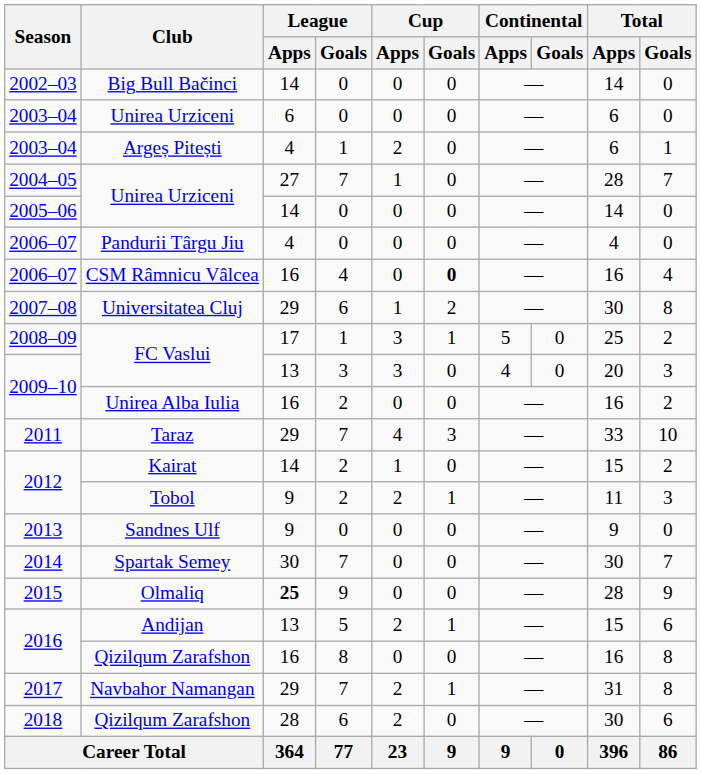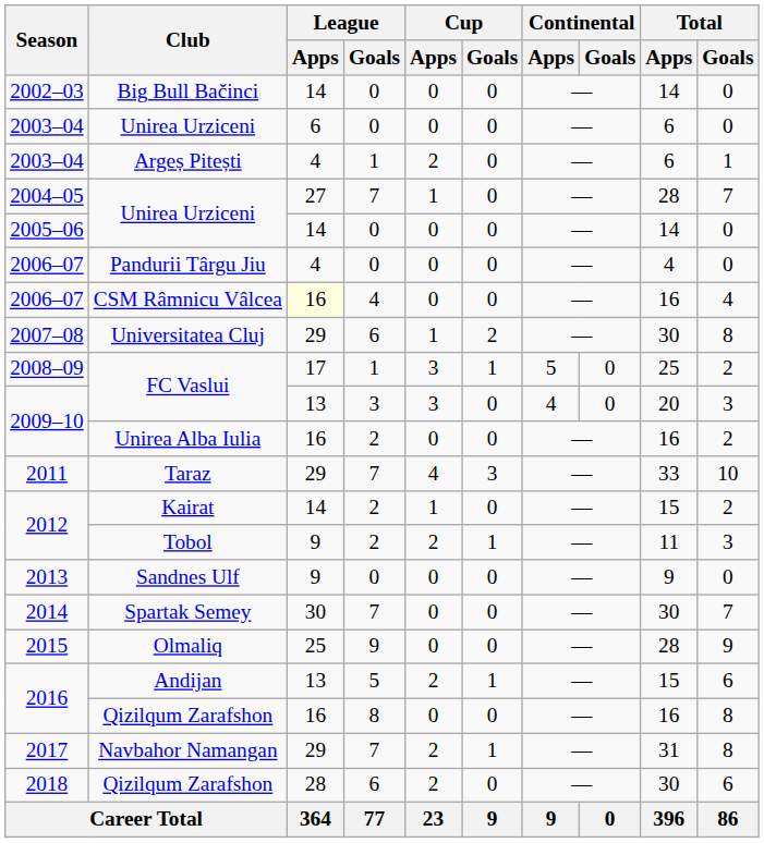 <table class="wikitable" style="font-size:90%; text-align:center">
 <tr>
 <th rowspan="2">Season</th>
 <th rowspan="2">Club</th>
 <th colspan="2">League</th>
 <th colspan="2">Cup</th>
 <th colspan="2">Continental</th>
 <th colspan="2">Total</th>
 </tr>
 <tr>
 <th>Apps</th>
 <th>Goals</th>
 <th>Apps</th>
 <th>Goals</th>
 <th>Apps</th>
 <th>Goals</th>
 <th>Apps</th>
 <th>Goals</th>
 </tr>
 <tr>
 <td><a href='#'>2002–03</a></td>
 <td><a href='#'>Big Bull Bačinci</a></td>
 <td>14</td>
 <td>0</td>
 <td>0</td>
 <td>0</td>
 <td colspan="2">—</td>
 <td>14</td>
 <td>0</td>
 </tr>
 <tr>
 <td><a href='#'>2003–04</a></td>
 <td><a href='#'>Unirea Urziceni</a></td>
 <td>6</td>
 <td>0</td>
 <td>0</td>
 <td>0</td>
 <td colspan="2">—</td>
 <td>6</td>
 <td>0</td>
 </tr>
 <tr>
 <td><a href='#'>2003–04</a></td>
 <td><a href='#'>Argeș Pitești</a></td>
 <td>4</td>
 <td>1</td>
 <td>2</td>
 <td>0</td>
 <td colspan="2">—</td>
 <td>6</td>
 <td>1</td>
 </tr>
 <tr>
 <td><a href='#'>2004–05</a></td>
 <td rowspan="2"><a href='#'>Unirea Urziceni</a></td>
 <td>27</td>
 <td>7</td>
 <td>1</td>
 <td>0</td>
 <td colspan="2">—</td>
 <td>28</td>
 <td>7</td>
 </tr>
 <tr>
 <td><a href='#'>2005–06</a></td>
 <td>14</td>
 <td>0</td>
 <td>0</td>
 <td>0</td>
 <td colspan="2">—</td>
 <td>14</td>
 <td>0</td>
 </tr>
 <tr>
 <td><a href='#'>2006–07</a></td>
 <td><a href='#'>Pandurii Târgu Jiu</a></td>
 <td>4</td>
 <td>0</td>
 <td>0</td>
 <td>0</td>
 <td colspan="2">—</td>
 <td>4</td>
 <td>0</td>
 </tr>
 <tr>
 <td><a href='#'>2006–07</a></td>
 <td><a href='#'>CSM Râmnicu Vâlcea</a></td>
-<td>16</td>
+<td style="background: lightyellow;">16</td>
 <td>4</td>
 <td>0</td>
-<td><strong>0</strong></td>
+<td>0</td>
 <td colspan="2">—</td>
 <td>16</td>
 <td>4</td>
 </tr>
 <tr>
 <td><a href='#'>2007–08</a></td>
 <td><a href='#'>Universitatea Cluj</a></td>
 <td>29</td>
 <td>6</td>
 <td>1</td>
 <td>2</td>
 <td colspan="2">—</td>
 <td>30</td>
 <td>8</td>
 </tr>
 <tr>
 <td><a href='#'>2008–09</a></td>
 <td rowspan="2"><a href='#'>FC Vaslui</a></td>
 <td>17</td>
 <td>1</td>
 <td>3</td>
 <td>1</td>
 <td>5</td>
 <td>0</td>
 <td>25</td>
 <td>2</td>
 </tr>
 <tr>
 <td rowspan="2"><a href='#'>2009–10</a></td>
 <td>13</td>
 <td>3</td>
 <td>3</td>
 <td>0</td>
 <td>4</td>
 <td>0</td>
 <td>20</td>
 <td>3</td>
 </tr>
 <tr>
 <td><a href='#'>Unirea Alba Iulia</a></td>
 <td>16</td>
 <td>2</td>
 <td>0</td>
 <td>0</td>
 <td colspan="2">—</td>
 <td>16</td>
 <td>2</td>
 </tr>
 <tr>
 <td><a href='#'>2011</a></td>
 <td><a href='#'>Taraz</a></td>
 <td>29</td>
 <td>7</td>
 <td>4</td>
 <td>3</td>
 <td colspan="2">—</td>
 <td>33</td>
 <td>10</td>
 </tr>
 <tr>
 <td rowspan="2"><a href='#'>2012</a></td>
 <td><a href='#'>Kairat</a></td>
 <td>14</td>
 <td>2</td>
 <td>1</td>
 <td>0</td>
 <td colspan="2">—</td>
 <td>15</td>
 <td>2</td>
 </tr>
 <tr>
 <td><a href='#'>Tobol</a></td>
 <td>9</td>
 <td>2</td>
 <td>2</td>
 <td>1</td>
 <td colspan="2">—</td>
 <td>11</td>
 <td>3</td>
 </tr>
 <tr>
 <td><a href='#'>2013</a></td>
 <td><a href='#'>Sandnes Ulf</a></td>
 <td>9</td>
 <td>0</td>
 <td>0</td>
 <td>0</td>
 <td colspan="2">—</td>
 <td>9</td>
 <td>0</td>
 </tr>
 <tr>
 <td><a href='#'>2014</a></td>
 <td><a href='#'>Spartak Semey</a></td>
 <td>30</td>
 <td>7</td>
 <td>0</td>
 <td>0</td>
 <td colspan="2">—</td>
 <td>30</td>
 <td>7</td>
 </tr>
 <tr>
 <td><a href='#'>2015</a></td>
 <td><a href='#'>Olmaliq</a></td>
-<td><strong>25</strong></td>
+<td>25</td>
 <td>9</td>
 <td>0</td>
 <td>0</td>
 <td colspan="2">—</td>
 <td>28</td>
 <td>9</td>
 </tr>
 <tr>
 <td rowspan="2"><a href='#'>2016</a></td>
 <td><a href='#'>Andijan</a></td>
 <td>13</td>
 <td>5</td>
 <td>2</td>
 <td>1</td>
 <td colspan="2">—</td>
 <td>15</td>
 <td>6</td>
 </tr>
 <tr>
 <td><a href='#'>Qizilqum Zarafshon</a></td>
 <td>16</td>
 <td>8</td>
 <td>0</td>
 <td>0</td>
 <td colspan="2">—</td>
 <td>16</td>
 <td>8</td>
 </tr>
 <tr>
 <td><a href='#'>2017</a></td>
 <td><a href='#'>Navbahor Namangan</a></td>
 <td>29</td>
 <td>7</td>
 <td>2</td>
 <td>1</td>
 <td colspan="2">—</td>
 <td>31</td>
 <td>8</td>
 </tr>
 <tr>
 <td><a href='#'>2018</a></td>
 <td><a href='#'>Qizilqum Zarafshon</a></td>
 <td>28</td>
 <td>6</td>
 <td>2</td>
 <td>0</td>
 <td colspan="2">—</td>
 <td>30</td>
 <td>6</td>
 </tr>
 <tr>
 <th colspan="2">Career Total</th>
 <th>364</th>
 <th>77</th>
 <th>23</th>
 <th>9</th>
 <th>9</th>
 <th>0</th>
 <th>396</th>
 <th>86</th>
 </tr>
 </table>
